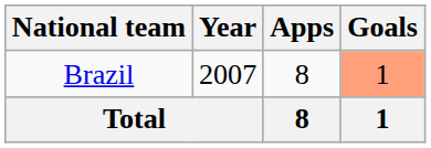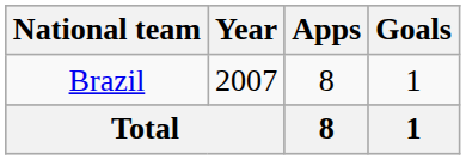 <table class="wikitable" style="text-align:center">
 <tr>
 <th>National team</th>
 <th>Year</th>
 <th>Apps</th>
 <th>Goals</th>
 </tr>
 <tr>
 <td><a href='#'>Brazil</a></td>
 <td>2007</td>
 <td>8</td>
-<td style="background: lightsalmon;">1</td>
+<td>1</td>
 </tr>
 <tr>
 <th colspan="2">Total</th>
 <th>8</th>
 <th>1</th>
 </tr>
 </table>
